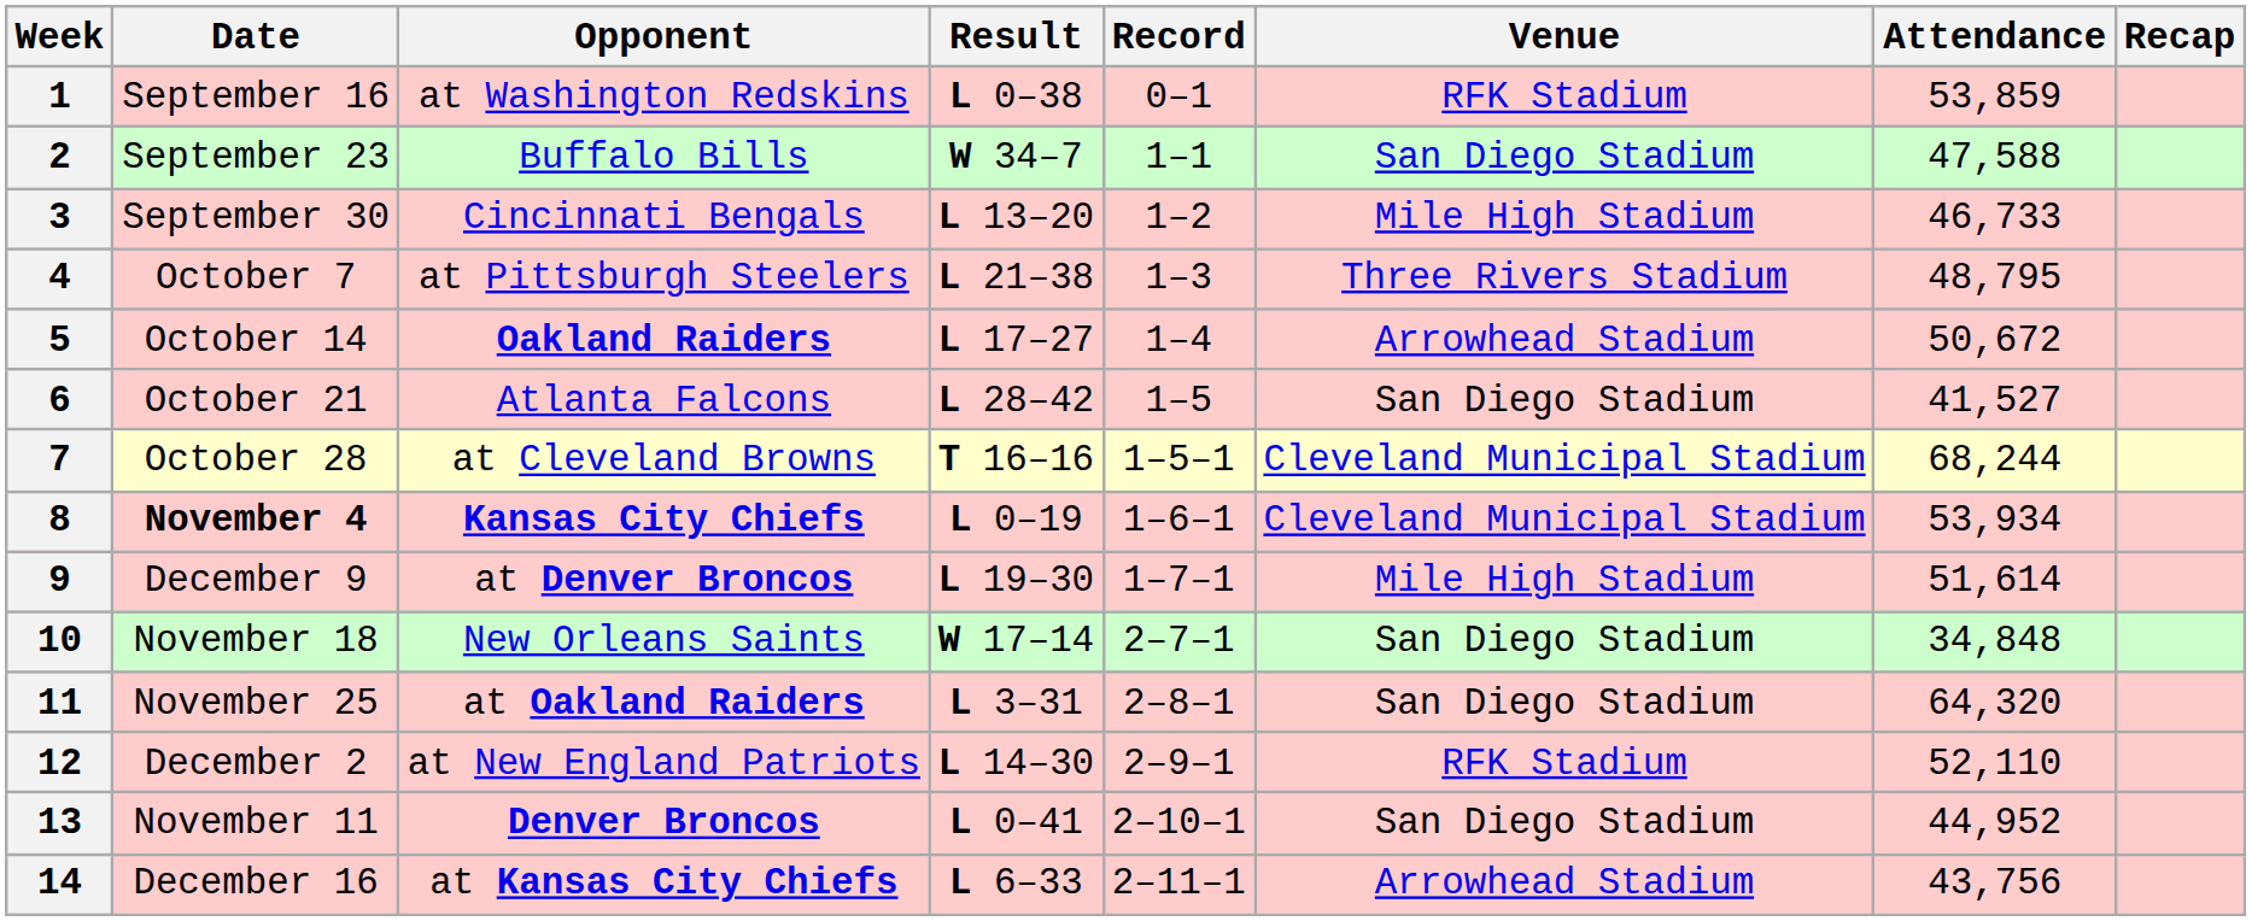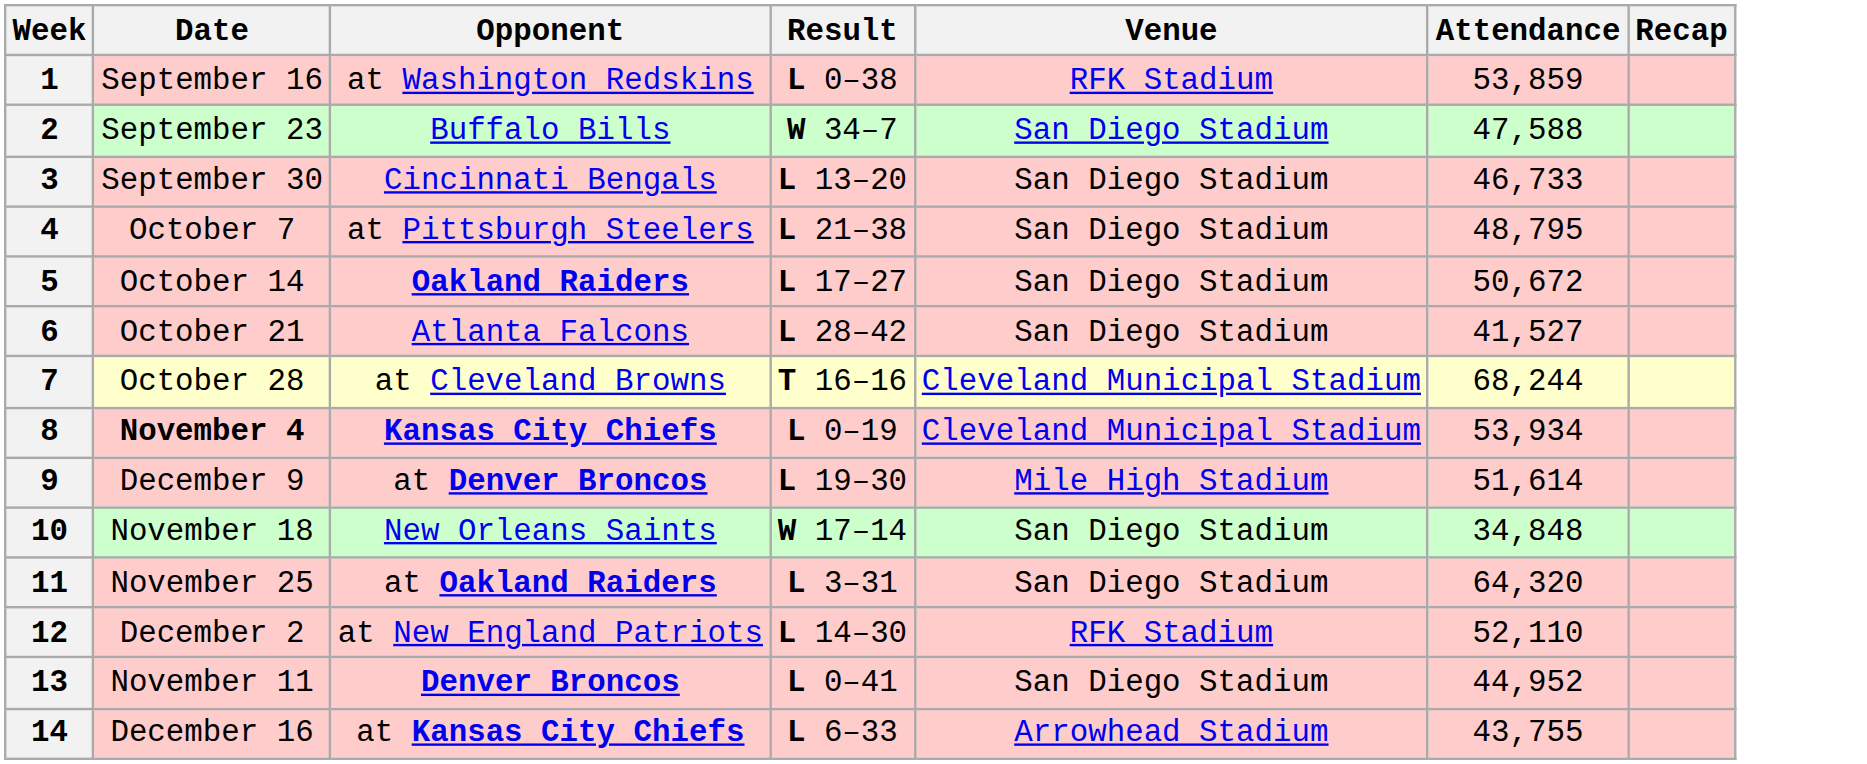 <table class="wikitable" style="text-align:center">
 <tr>
 <th>Week</th>
 <th>Date</th>
 <th>Opponent</th>
 <th>Result</th>
-<th>Record</th>
 <th>Venue</th>
 <th>Attendance</th>
 <th>Recap</th>
 </tr>
 <tr style="background:#fcc">
 <th>1</th>
 <td>September 16</td>
 <td>at <a href='#'>Washington Redskins</a></td>
 <td><strong>L</strong> 0–38</td>
-<td>0–1</td>
 <td><a href='#'>RFK Stadium</a></td>
 <td>53,859</td>
 <td></td>
 </tr>
 <tr style="background:#cfc">
 <th>2</th>
 <td>September 23</td>
 <td><a href='#'>Buffalo Bills</a></td>
 <td><strong>W</strong> 34–7</td>
-<td>1–1</td>
 <td><a href='#'>San Diego Stadium</a></td>
 <td>47,588</td>
 <td></td>
 </tr>
 <tr style="background:#fcc">
 <th>3</th>
 <td>September 30</td>
 <td><a href='#'>Cincinnati Bengals</a></td>
 <td><strong>L</strong> 13–20</td>
-<td>1–2</td>
-<td><a href='#'>Mile High Stadium</a></td>
+<td>San Diego Stadium</td>
 <td>46,733</td>
 <td></td>
 </tr>
 <tr style="background:#fcc">
 <th>4</th>
 <td>October 7</td>
 <td>at <a href='#'>Pittsburgh Steelers</a></td>
 <td><strong>L</strong> 21–38</td>
-<td>1–3</td>
-<td><a href='#'>Three Rivers Stadium</a></td>
+<td>San Diego Stadium</td>
 <td>48,795</td>
 <td></td>
 </tr>
 <tr style="background:#fcc">
 <th>5</th>
 <td>October 14</td>
 <td><strong><a href='#'>Oakland Raiders</a></strong></td>
 <td><strong>L</strong> 17–27</td>
-<td>1–4</td>
-<td><a href='#'>Arrowhead Stadium</a></td>
+<td>San Diego Stadium</td>
 <td>50,672</td>
 <td></td>
 </tr>
 <tr style="background:#fcc">
 <th>6</th>
 <td>October 21</td>
 <td><a href='#'>Atlanta Falcons</a></td>
 <td><strong>L</strong> 28–42</td>
-<td>1–5</td>
 <td>San Diego Stadium</td>
 <td>41,527</td>
 <td></td>
 </tr>
 <tr style="background:#ffc">
 <th>7</th>
 <td>October 28</td>
 <td>at <a href='#'>Cleveland Browns</a></td>
 <td><strong>T</strong> 16–16</td>
-<td>1–5–1</td>
 <td><a href='#'>Cleveland Municipal Stadium</a></td>
 <td>68,244</td>
 <td></td>
 </tr>
 <tr style="background:#fcc">
 <th>8</th>
 <td><strong>November 4</strong></td>
 <td><strong><a href='#'>Kansas City Chiefs</a></strong></td>
 <td><strong>L</strong> 0–19</td>
-<td>1–6–1</td>
 <td><a href='#'>Cleveland Municipal Stadium</a></td>
 <td>53,934</td>
 <td></td>
 </tr>
 <tr style="background:#fcc">
 <th>9</th>
 <td>December 9</td>
 <td>at <strong><a href='#'>Denver Broncos</a></strong></td>
 <td><strong>L</strong> 19–30</td>
-<td>1–7–1</td>
 <td><a href='#'>Mile High Stadium</a></td>
 <td>51,614</td>
 <td></td>
 </tr>
 <tr style="background:#cfc">
 <th>10</th>
 <td>November 18</td>
 <td><a href='#'>New Orleans Saints</a></td>
 <td><strong>W</strong> 17–14</td>
-<td>2–7–1</td>
 <td>San Diego Stadium</td>
 <td>34,848</td>
 <td></td>
 </tr>
 <tr style="background:#fcc">
 <th>11</th>
 <td>November 25</td>
 <td>at <strong><a href='#'>Oakland Raiders</a></strong></td>
 <td><strong>L</strong> 3–31</td>
-<td>2–8–1</td>
 <td>San Diego Stadium</td>
 <td>64,320</td>
 <td></td>
 </tr>
 <tr style="background:#fcc">
 <th>12</th>
 <td>December 2</td>
 <td>at <a href='#'>New England Patriots</a></td>
 <td><strong>L</strong> 14–30</td>
-<td>2–9–1</td>
 <td><a href='#'>RFK Stadium</a></td>
 <td>52,110</td>
 <td></td>
 </tr>
 <tr style="background:#fcc">
 <th>13</th>
 <td>November 11</td>
 <td><strong><a href='#'>Denver Broncos</a></strong></td>
 <td><strong>L</strong> 0–41</td>
-<td>2–10–1</td>
 <td>San Diego Stadium</td>
 <td>44,952</td>
 <td></td>
 </tr>
 <tr style="background:#fcc">
 <th>14</th>
 <td>December 16</td>
 <td>at <strong><a href='#'>Kansas City Chiefs</a></strong></td>
 <td><strong>L</strong> 6–33</td>
-<td>2–11–1</td>
 <td><a href='#'>Arrowhead Stadium</a></td>
-<td>43,756</td>
+<td>43,755</td>
 <td></td>
 </tr>
 </table>
